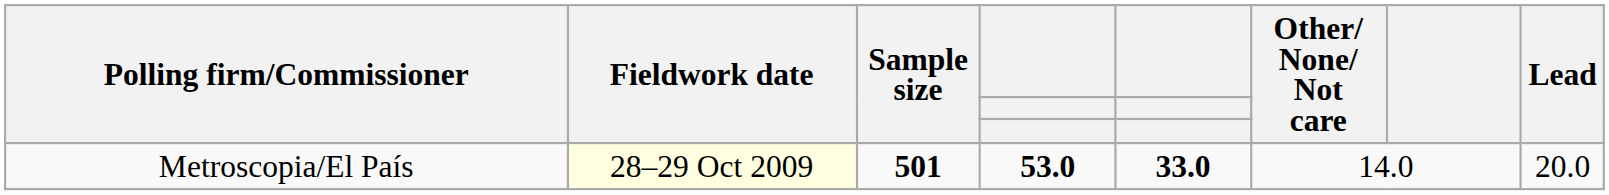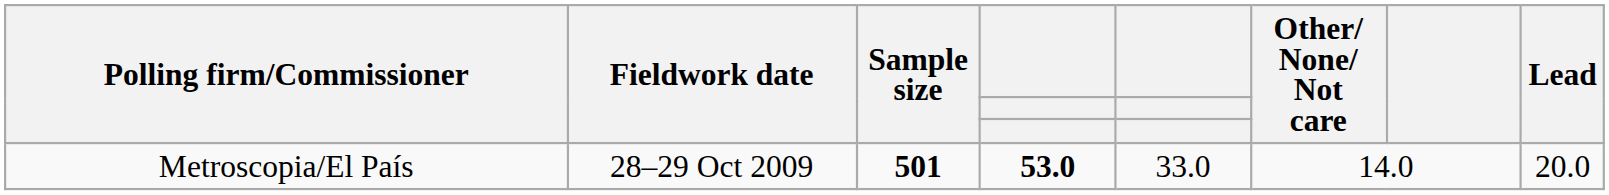 <table class="wikitable collapsible collapsed" style="text-align:center; font-size:90%; line-height:14px;">
 <tr style="height:42px;">
 <th style="width:250px;" rowspan="3">Polling firm/Commissioner</th>
 <th style="width:125px;" rowspan="3">Fieldwork date</th>
 <th style="width:50px;" rowspan="3">Sample size</th>
 <th style="width:55px;"></th>
 <th style="width:55px;"></th>
 <th style="width:55px;" rowspan="3">Other/<br>None/<br>Not<br>care</th>
 <th style="width:55px;" rowspan="3"></th>
 <th style="width:30px;" rowspan="3">Lead</th>
 </tr>
 <tr>
 <th style="color:inherit;background:"></th>
 <th style="color:inherit;background:"></th>
 </tr>
 <tr>
 <th></th>
 <th></th>
 </tr>
 <tr>
 <td>Metroscopia/El País</td>
-<td style="background: lightyellow;">28–29 Oct 2009</td>
+<td>28–29 Oct 2009</td>
 <td><strong>501</strong></td>
 <td><strong>53.0</strong></td>
-<td><strong>33.0</strong></td>
+<td>33.0</td>
 <td colspan="2">14.0</td>
 <td style="background:">20.0</td>
 </tr>
 </table>
